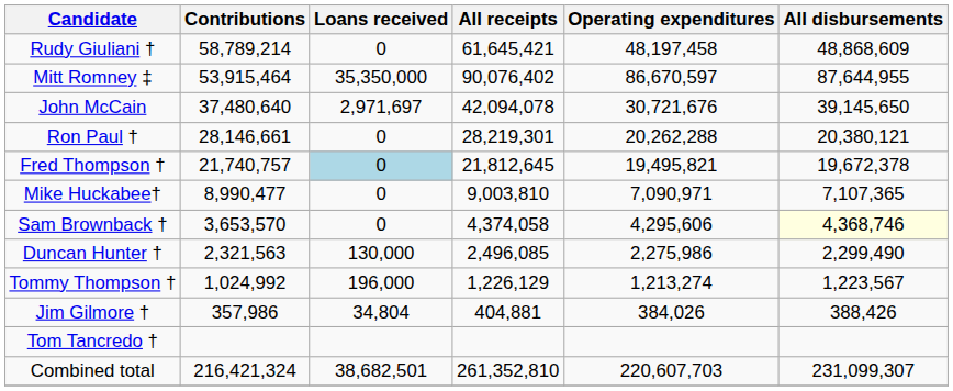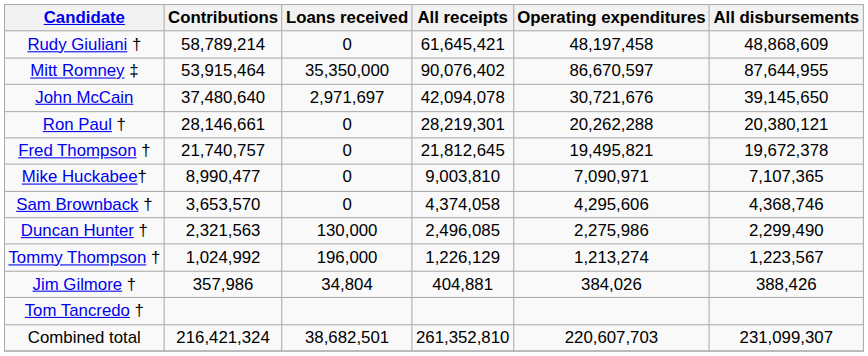 <table class="sortable wikitable" style="text-align:center">
 <tr>
 <th><a href='#'>Candidate</a></th>
 <th>Contributions</th>
 <th>Loans received</th>
 <th>All receipts</th>
 <th>Operating expenditures</th>
 <th>All disbursements</th>
 </tr>
 <tr>
 <td><a href='#'>Rudy Giuliani</a> †</td>
 <td>58,789,214</td>
 <td>0</td>
 <td>61,645,421</td>
 <td>48,197,458</td>
 <td>48,868,609</td>
 </tr>
 <tr>
 <td><a href='#'>Mitt Romney</a> ‡</td>
 <td>53,915,464</td>
 <td>35,350,000</td>
 <td>90,076,402</td>
 <td>86,670,597</td>
 <td>87,644,955</td>
 </tr>
 <tr>
 <td><a href='#'>John McCain</a></td>
 <td>37,480,640</td>
 <td>2,971,697</td>
 <td>42,094,078</td>
 <td>30,721,676</td>
 <td>39,145,650</td>
 </tr>
 <tr>
 <td><a href='#'>Ron Paul</a> †</td>
 <td>28,146,661</td>
 <td>0</td>
 <td>28,219,301</td>
 <td>20,262,288</td>
 <td>20,380,121</td>
 </tr>
 <tr>
 <td><a href='#'>Fred Thompson</a> †</td>
 <td>21,740,757</td>
-<td style="background: lightblue;">0</td>
+<td>0</td>
 <td>21,812,645</td>
 <td>19,495,821</td>
 <td>19,672,378</td>
 </tr>
 <tr>
 <td><a href='#'>Mike Huckabee</a>†</td>
 <td>8,990,477</td>
 <td>0</td>
 <td>9,003,810</td>
 <td>7,090,971</td>
 <td>7,107,365</td>
 </tr>
 <tr>
 <td><a href='#'>Sam Brownback</a> †</td>
 <td>3,653,570</td>
 <td>0</td>
 <td>4,374,058</td>
 <td>4,295,606</td>
-<td style="background: lightyellow;">4,368,746</td>
+<td>4,368,746</td>
 </tr>
 <tr>
 <td><a href='#'>Duncan Hunter</a> †</td>
 <td>2,321,563</td>
 <td>130,000</td>
 <td>2,496,085</td>
 <td>2,275,986</td>
 <td>2,299,490</td>
 </tr>
 <tr>
 <td><a href='#'>Tommy Thompson</a> †</td>
 <td>1,024,992</td>
 <td>196,000</td>
 <td>1,226,129</td>
 <td>1,213,274</td>
 <td>1,223,567</td>
 </tr>
 <tr>
 <td><a href='#'>Jim Gilmore</a> †</td>
 <td>357,986</td>
 <td>34,804</td>
 <td>404,881</td>
 <td>384,026</td>
 <td>388,426</td>
 </tr>
 <tr>
 <td><a href='#'>Tom Tancredo</a> †</td>
 <td></td>
 <td></td>
 <td></td>
 <td></td>
 <td></td>
 </tr>
 <tr>
 <td>Combined total</td>
 <td>216,421,324</td>
 <td>38,682,501</td>
 <td>261,352,810</td>
 <td>220,607,703</td>
 <td>231,099,307</td>
 </tr>
 <tr>
 </tr>
 </table>
